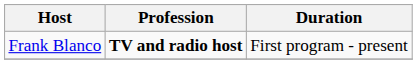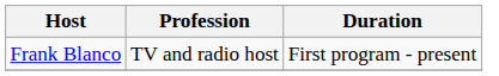 <table class="wikitable">
 <tr>
 <th>Host</th>
 <th>Profession</th>
 <th>Duration</th>
 </tr>
 <tr>
 <td><a href='#'>Frank Blanco</a></td>
-<td><strong>TV and radio host</strong></td>
+<td>TV and radio host</td>
 <td>First program - present</td>
 </tr>
 <tr>
 </tr>
 </table>
